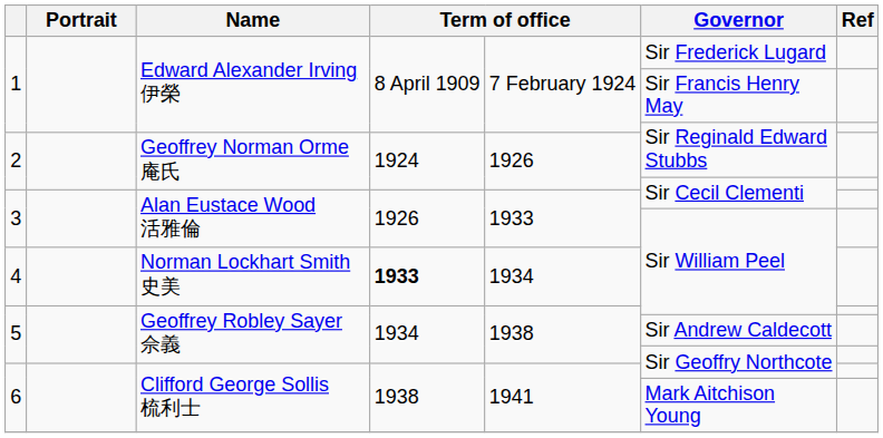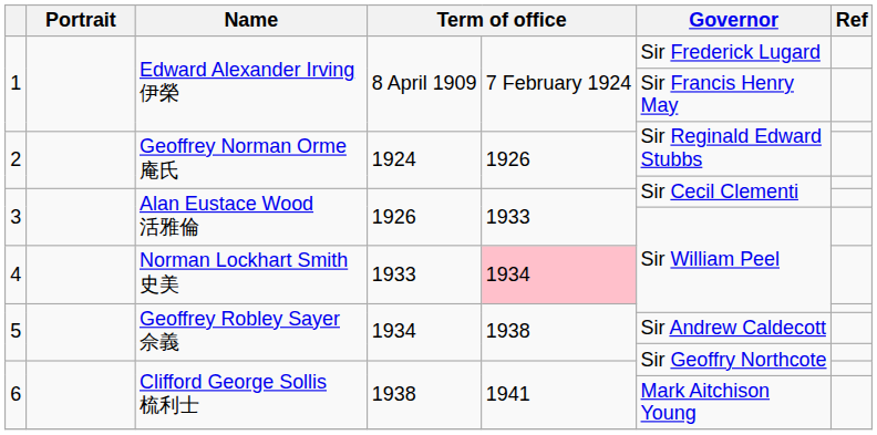 <table class="wikitable"  style="text-align:left">
 <tr>
 <th width="10"></th>
 <th width="80">Portrait</th>
 <th width="180">Name</th>
 <th width="180" colspan="2">Term of office</th>
 <th width="150"><a href='#'>Governor</a></th>
 <th>Ref</th>
 </tr>
 <tr>
 <td align=center rowspan=3>1</td>
 <td rowspan=3></td>
 <td rowspan=3><a href='#'>Edward Alexander Irving</a><br>伊榮</td>
 <td rowspan=3>8 April 1909</td>
 <td rowspan=3>7 February 1924</td>
 <td>Sir <a href='#'>Frederick Lugard</a><br></td>
 <td></td>
 </tr>
 <tr>
 <td>Sir <a href='#'>Francis Henry May</a><br></td>
 <td></td>
 </tr>
 <tr>
 <td rowspan=2>Sir <a href='#'>Reginald Edward Stubbs</a><br></td>
 <td></td>
 </tr>
 <tr>
 <td rowspan=2 align=center>2</td>
 <td rowspan=2></td>
 <td rowspan=2><a href='#'>Geoffrey Norman Orme</a><br>庵氏</td>
 <td rowspan=2>1924</td>
 <td rowspan=2>1926</td>
 <td></td>
 </tr>
 <tr>
 <td rowspan=2>Sir <a href='#'>Cecil Clementi</a><br></td>
 <td></td>
 </tr>
 <tr>
 <td rowspan=2 align=center>3</td>
 <td rowspan=2></td>
 <td rowspan=2><a href='#'>Alan Eustace Wood</a><br>活雅倫</td>
 <td rowspan=2>1926</td>
 <td rowspan=2>1933</td>
 <td></td>
 </tr>
 <tr>
 <td rowspan=3>Sir <a href='#'>William Peel</a><br></td>
 <td></td>
 </tr>
 <tr>
 <td align=center>4</td>
 <td></td>
 <td><a href='#'>Norman Lockhart Smith</a><br>史美</td>
-<td><strong>1933</strong></td>
-<td>1934</td>
+<td>1933</td>
+<td style="background: pink;">1934</td>
 <td></td>
 </tr>
 <tr>
 <td rowspan=3 align=center>5</td>
 <td rowspan=3></td>
 <td rowspan=3><a href='#'>Geoffrey Robley Sayer</a><br>佘義</td>
 <td rowspan=3>1934</td>
 <td rowspan=3>1938</td>
 <td></td>
 </tr>
 <tr>
 <td>Sir <a href='#'>Andrew Caldecott</a><br></td>
 <td></td>
 </tr>
 <tr>
 <td rowspan=2>Sir <a href='#'>Geoffry Northcote</a><br></td>
 <td></td>
 </tr>
 <tr>
 <td align=center rowspan=2>6</td>
 <td rowspan=2></td>
 <td rowspan=2><a href='#'>Clifford George Sollis</a><br>梳利士</td>
 <td rowspan=2>1938</td>
 <td rowspan=2>1941</td>
 <td></td>
 </tr>
 <tr>
 <td><a href='#'>Mark Aitchison Young</a><br></td>
 <td></td>
 </tr>
 <tr>
 </tr>
 </table>
